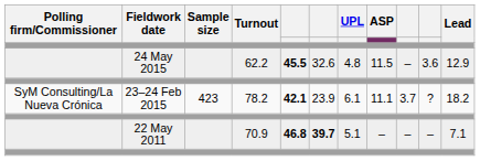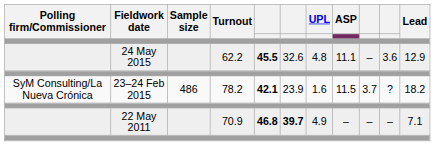 <table class="wikitable collapsible collapsed" style="text-align:center; font-size:95%; line-height:16px;">
 <tr style="height:42px;">
 <th style="width:250px;" rowspan="2">Polling firm/Commissioner</th>
 <th style="width:125px;" rowspan="2">Fieldwork date</th>
 <th style="width:50px;" rowspan="2">Sample size</th>
 <th style="width:45px;" rowspan="2">Turnout</th>
 <th style="width:35px;"></th>
 <th style="width:35px;"></th>
 <th style="width:35px;"><a href='#'>UPL</a></th>
 <th style="width:35px;">ASP</th>
 <th style="width:35px;"></th>
 <th style="width:35px;"></th>
 <th style="width:30px;" rowspan="2">Lead</th>
 </tr>
 <tr>
 <th style="color:inherit;background:"></th>
 <th style="color:inherit;background:"></th>
 <th style="color:inherit;background:"></th>
 <th style="color:inherit;background:#712962;"></th>
 <th style="color:inherit;background:"></th>
 <th style="color:inherit;background:"></th>
 </tr>
 <tr>
 <td colspan="11" style="background:#A0A0A0"></td>
 </tr>
 <tr style="background:#EFEFEF;">
 <td><strong></strong></td>
 <td>24 May 2015</td>
 <td></td>
 <td>62.2</td>
 <td><strong>45.5</strong><br></td>
 <td>32.6<br></td>
 <td>4.8<br></td>
-<td>11.5<br></td>
+<td>11.1<br></td>
 <td>–</td>
 <td>3.6<br></td>
 <td style="background:">12.9</td>
 </tr>
 <tr>
 <td colspan="11" style="background:#A0A0A0"></td>
 </tr>
 <tr>
 <td>SyM Consulting/La Nueva Crónica</td>
 <td>23–24 Feb 2015</td>
-<td>423</td>
+<td>486</td>
 <td>78.2</td>
 <td><strong>42.1</strong><br></td>
 <td>23.9<br></td>
-<td>6.1<br></td>
-<td>11.1<br></td>
+<td>1.6<br></td>
+<td>11.5<br></td>
 <td>3.7<br></td>
 <td>?<br></td>
 <td style="background:">18.2</td>
 </tr>
 <tr>
 <td colspan="11" style="background:#A0A0A0"></td>
 </tr>
 <tr style="background:#EFEFEF;">
 <td><strong></strong></td>
 <td>22 May 2011</td>
 <td></td>
 <td>70.9</td>
 <td><strong>46.8</strong><br></td>
 <td><strong>39.7<br></strong></td>
-<td>5.1<br></td>
+<td>4.9<br></td>
 <td>–</td>
 <td>–</td>
 <td>–</td>
 <td style="background:">7.1</td>
 </tr>
 <tr>
 <td colspan="11" style="background:#A0A0A0"></td>
 </tr>
 </table>
